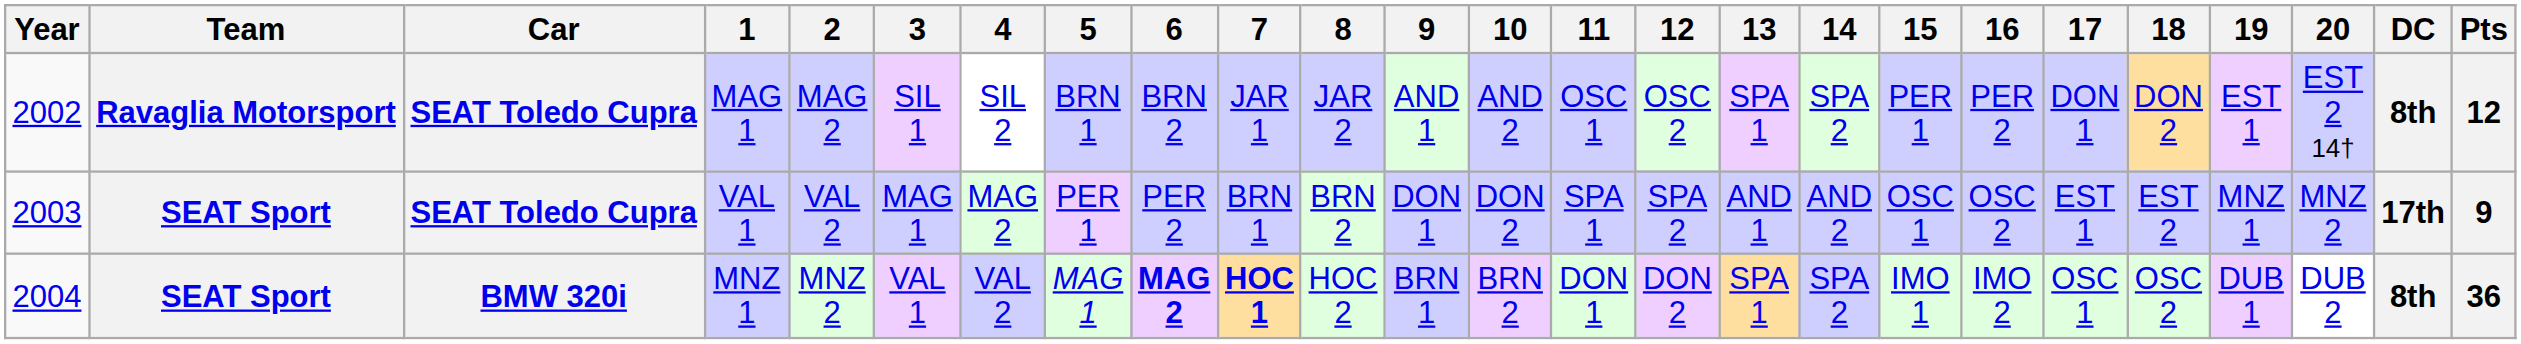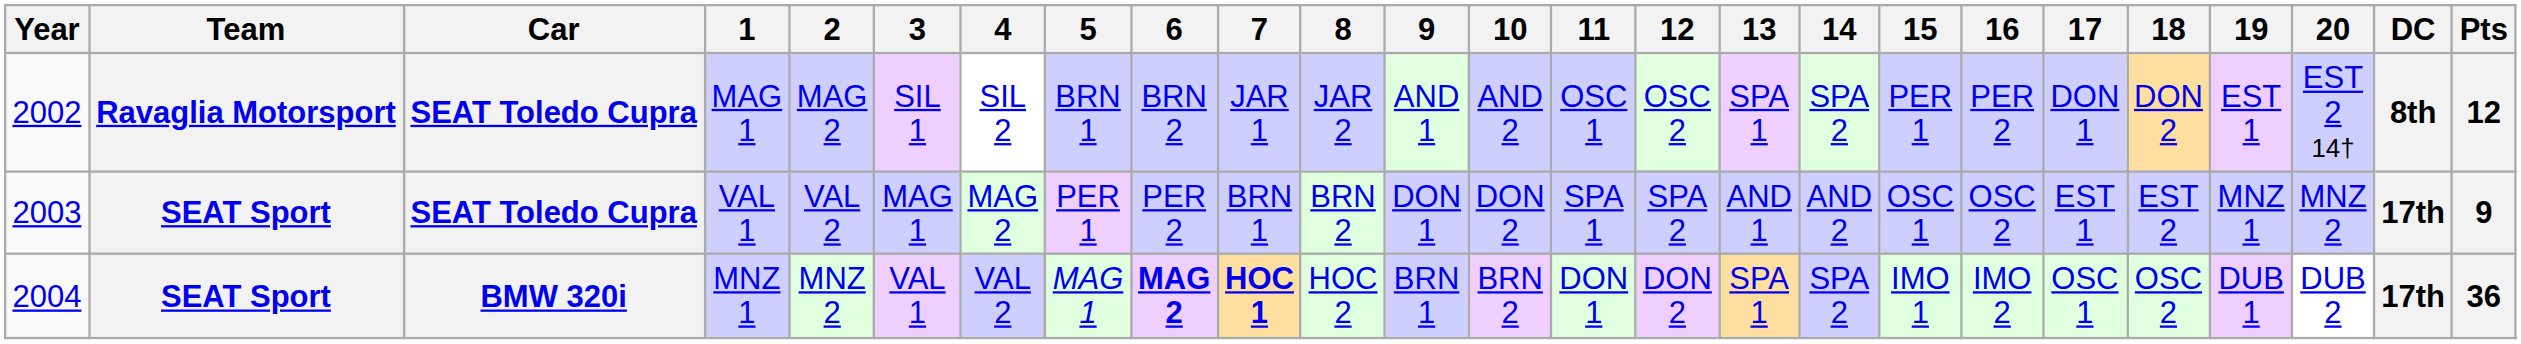 <table class="wikitable" style="text-align:center; font-size:85%">
 <tr>
 <th>Year</th>
 <th>Team</th>
 <th>Car</th>
 <th>1</th>
 <th>2</th>
 <th>3</th>
 <th>4</th>
 <th>5</th>
 <th>6</th>
 <th>7</th>
 <th>8</th>
 <th>9</th>
 <th>10</th>
 <th>11</th>
 <th>12</th>
 <th>13</th>
 <th>14</th>
 <th>15</th>
 <th>16</th>
 <th>17</th>
 <th>18</th>
 <th>19</th>
 <th>20</th>
 <th>DC</th>
 <th>Pts</th>
 </tr>
 <tr>
 <td><a href='#'>2002</a></td>
 <th><a href='#'>Ravaglia Motorsport</a></th>
 <th><a href='#'>SEAT Toledo Cupra</a></th>
 <td style="background:#CFCFFF;"><a href='#'>MAG<br>1</a><br></td>
 <td style="background:#CFCFFF;"><a href='#'>MAG<br>2</a><br></td>
 <td style="background:#EFCFFF;"><a href='#'>SIL<br>1</a><br></td>
 <td style="background:#FFFFFF;"><a href='#'>SIL<br>2</a><br></td>
 <td style="background:#CFCFFF;"><a href='#'>BRN<br>1</a><br></td>
 <td style="background:#CFCFFF;"><a href='#'>BRN<br>2</a><br></td>
 <td style="background:#CFCFFF;"><a href='#'>JAR<br>1</a><br></td>
 <td style="background:#CFCFFF;"><a href='#'>JAR<br>2</a><br></td>
 <td style="background:#DFFFDF;"><a href='#'>AND<br>1</a><br></td>
 <td style="background:#CFCFFF;"><a href='#'>AND<br>2</a><br></td>
 <td style="background:#CFCFFF;"><a href='#'>OSC<br>1</a><br></td>
 <td style="background:#DFFFDF;"><a href='#'>OSC<br>2</a><br></td>
 <td style="background:#EFCFFF;"><a href='#'>SPA<br>1</a><br></td>
 <td style="background:#DFFFDF;"><a href='#'>SPA<br>2</a><br></td>
 <td style="background:#CFCFFF;"><a href='#'>PER<br>1</a><br></td>
 <td style="background:#CFCFFF;"><a href='#'>PER<br>2</a><br></td>
 <td style="background:#CFCFFF;"><a href='#'>DON<br>1</a><br></td>
 <td style="background:#FFDF9F;"><a href='#'>DON<br>2</a><br></td>
 <td style="background:#EFCFFF;"><a href='#'>EST<br>1</a><br></td>
 <td style="background:#CFCFFF;"><a href='#'>EST<br>2</a><br><small>14†</small></td>
 <th>8th</th>
 <th>12</th>
 </tr>
 <tr>
 <td><a href='#'>2003</a></td>
 <th><a href='#'>SEAT Sport</a></th>
 <th><a href='#'>SEAT Toledo Cupra</a></th>
 <td style="background:#CFCFFF;"><a href='#'>VAL<br>1</a><br></td>
 <td style="background:#CFCFFF;"><a href='#'>VAL<br>2</a><br></td>
 <td style="background:#CFCFFF;"><a href='#'>MAG<br>1</a><br></td>
 <td style="background:#DFFFDF;"><a href='#'>MAG<br>2</a><br></td>
 <td style="background:#EFCFFF;"><a href='#'>PER<br>1</a><br></td>
 <td style="background:#CFCFFF;"><a href='#'>PER<br>2</a><br></td>
 <td style="background:#CFCFFF;"><a href='#'>BRN<br>1</a><br></td>
 <td style="background:#DFFFDF;"><a href='#'>BRN<br>2</a><br></td>
 <td style="background:#CFCFFF;"><a href='#'>DON<br>1</a><br></td>
 <td style="background:#CFCFFF;"><a href='#'>DON<br>2</a><br></td>
 <td style="background:#CFCFFF;"><a href='#'>SPA<br>1</a><br></td>
 <td style="background:#CFCFFF;"><a href='#'>SPA<br>2</a><br></td>
 <td style="background:#CFCFFF;"><a href='#'>AND<br>1</a><br></td>
 <td style="background:#CFCFFF;"><a href='#'>AND<br>2</a><br></td>
 <td style="background:#CFCFFF;"><a href='#'>OSC<br>1</a><br></td>
 <td style="background:#CFCFFF;"><a href='#'>OSC<br>2</a><br></td>
 <td style="background:#CFCFFF;"><a href='#'>EST<br>1</a><br></td>
 <td style="background:#CFCFFF;"><a href='#'>EST<br>2</a><br></td>
 <td style="background:#CFCFFF;"><a href='#'>MNZ<br>1</a><br></td>
 <td style="background:#CFCFFF;"><a href='#'>MNZ<br>2</a><br></td>
 <th>17th</th>
 <th>9</th>
 </tr>
 <tr>
 <td><a href='#'>2004</a></td>
 <th><a href='#'>SEAT Sport</a></th>
 <th><a href='#'>BMW 320i</a></th>
 <td style="background:#CFCFFF;"><a href='#'>MNZ<br>1</a><br></td>
 <td style="background:#DFFFDF;"><a href='#'>MNZ<br>2</a><br></td>
 <td style="background:#EFCFFF;"><a href='#'>VAL<br>1</a><br></td>
 <td style="background:#CFCFFF;"><a href='#'>VAL<br>2</a><br></td>
 <td style="background:#DFFFDF;"><em><a href='#'>MAG<br>1</a></em><br></td>
 <td style="background:#EFCFFF;"><strong><a href='#'>MAG<br>2</a><br></strong></td>
 <td style="background:#FFDF9F;"><strong><a href='#'>HOC<br>1</a></strong><br></td>
 <td style="background:#DFFFDF;"><a href='#'>HOC<br>2</a><br></td>
 <td style="background:#CFCFFF;"><a href='#'>BRN<br>1</a><br></td>
 <td style="background:#EFCFFF;"><a href='#'>BRN<br>2</a><br></td>
 <td style="background:#DFFFDF;"><a href='#'>DON<br>1</a><br></td>
 <td style="background:#EFCFFF;"><a href='#'>DON<br>2</a><br></td>
 <td style="background:#FFDF9F;"><a href='#'>SPA<br>1</a><br></td>
 <td style="background:#CFCFFF;"><a href='#'>SPA<br>2</a><br></td>
 <td style="background:#DFFFDF;"><a href='#'>IMO<br>1</a><br></td>
 <td style="background:#DFFFDF;"><a href='#'>IMO<br>2</a><br></td>
 <td style="background:#DFFFDF;"><a href='#'>OSC<br>1</a><br></td>
 <td style="background:#DFFFDF;"><a href='#'>OSC<br>2</a><br></td>
 <td style="background:#EFCFFF;"><a href='#'>DUB<br>1</a><br></td>
 <td style="background:#FFFFFF;"><a href='#'>DUB<br>2</a><br></td>
-<th>8th</th>
+<th>17th</th>
 <th>36</th>
 </tr>
 </table>
